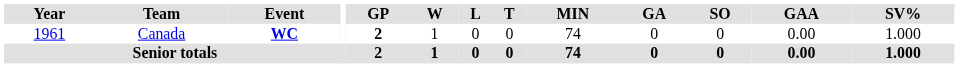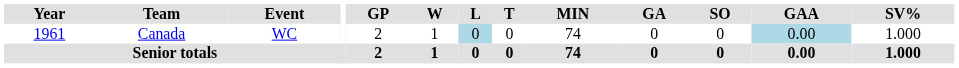 <table border="0" cellpadding="1" cellspacing="0" ID="Table3" style="text-align:center; width:60em">
 <tr ALIGN="center" bgcolor="#e0e0e0">
 <th>Year</th>
 <th>Team</th>
 <th>Event</th>
 <th rowspan="99" bgcolor="#ffffff"></th>
 <th>GP</th>
 <th>W</th>
 <th>L</th>
 <th>T</th>
 <th>MIN</th>
 <th>GA</th>
 <th>SO</th>
 <th>GAA</th>
 <th>SV%</th>
 </tr>
 <tr>
 <td><a href='#'>1961</a></td>
 <td><a href='#'>Canada</a></td>
-<td><strong><a href='#'>WC</a></strong></td>
-<td><strong>2</strong></td>
+<td><a href='#'>WC</a></td>
+<td>2</td>
 <td>1</td>
-<td>0</td>
+<td style="background: lightblue;">0</td>
 <td>0</td>
 <td>74</td>
 <td>0</td>
 <td>0</td>
-<td>0.00</td>
+<td style="background: lightblue;">0.00</td>
 <td>1.000</td>
 </tr>
 <tr bgcolor="#e0e0e0">
 <th colspan=4>Senior totals</th>
 <th>2</th>
 <th>1</th>
 <th>0</th>
 <th>0</th>
 <th>74</th>
 <th>0</th>
 <th>0</th>
 <th>0.00</th>
 <th>1.000</th>
 </tr>
 </table>
